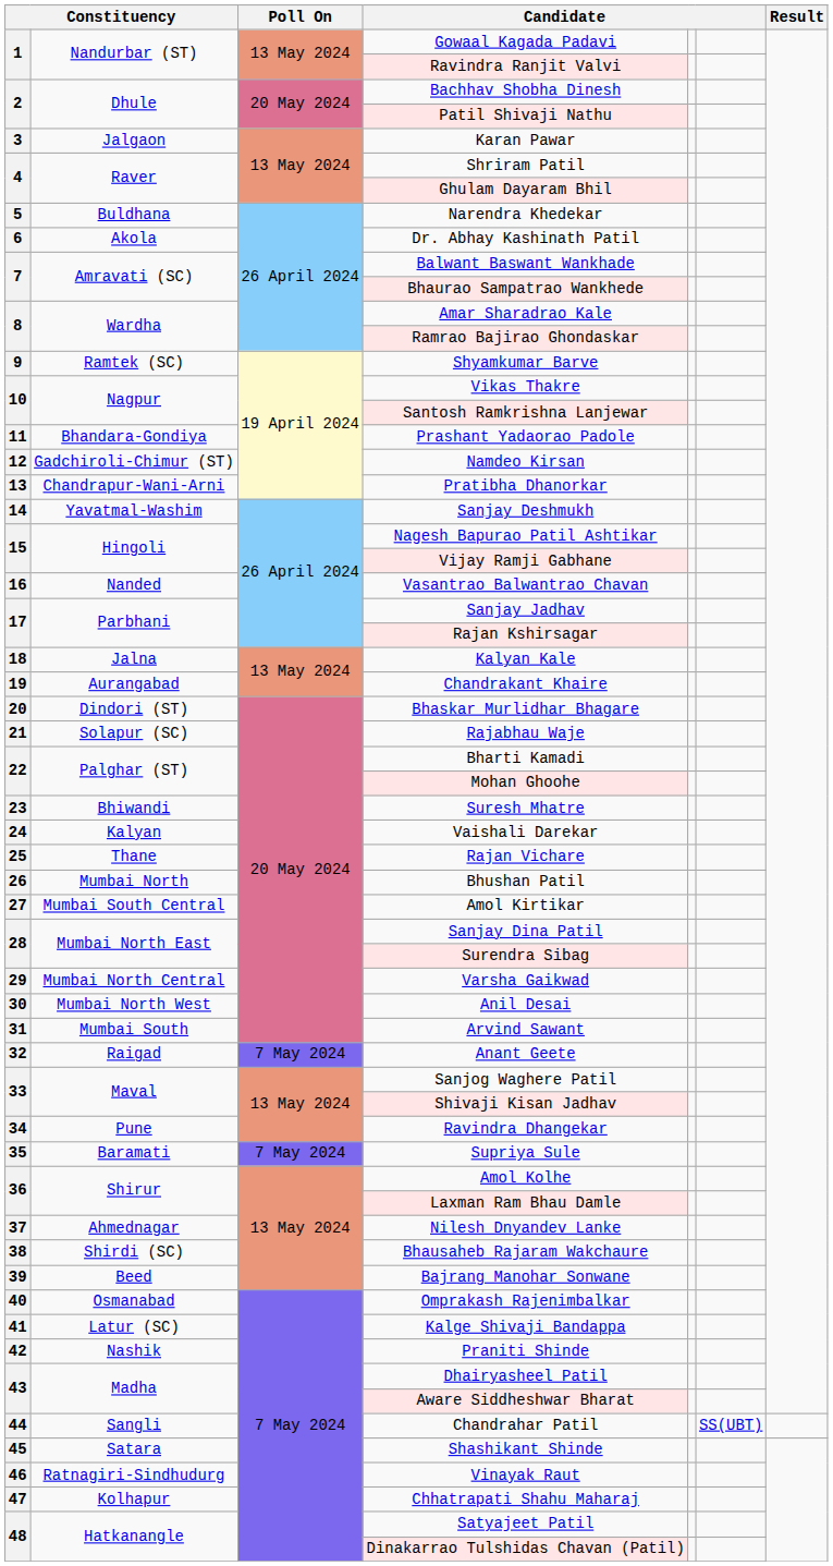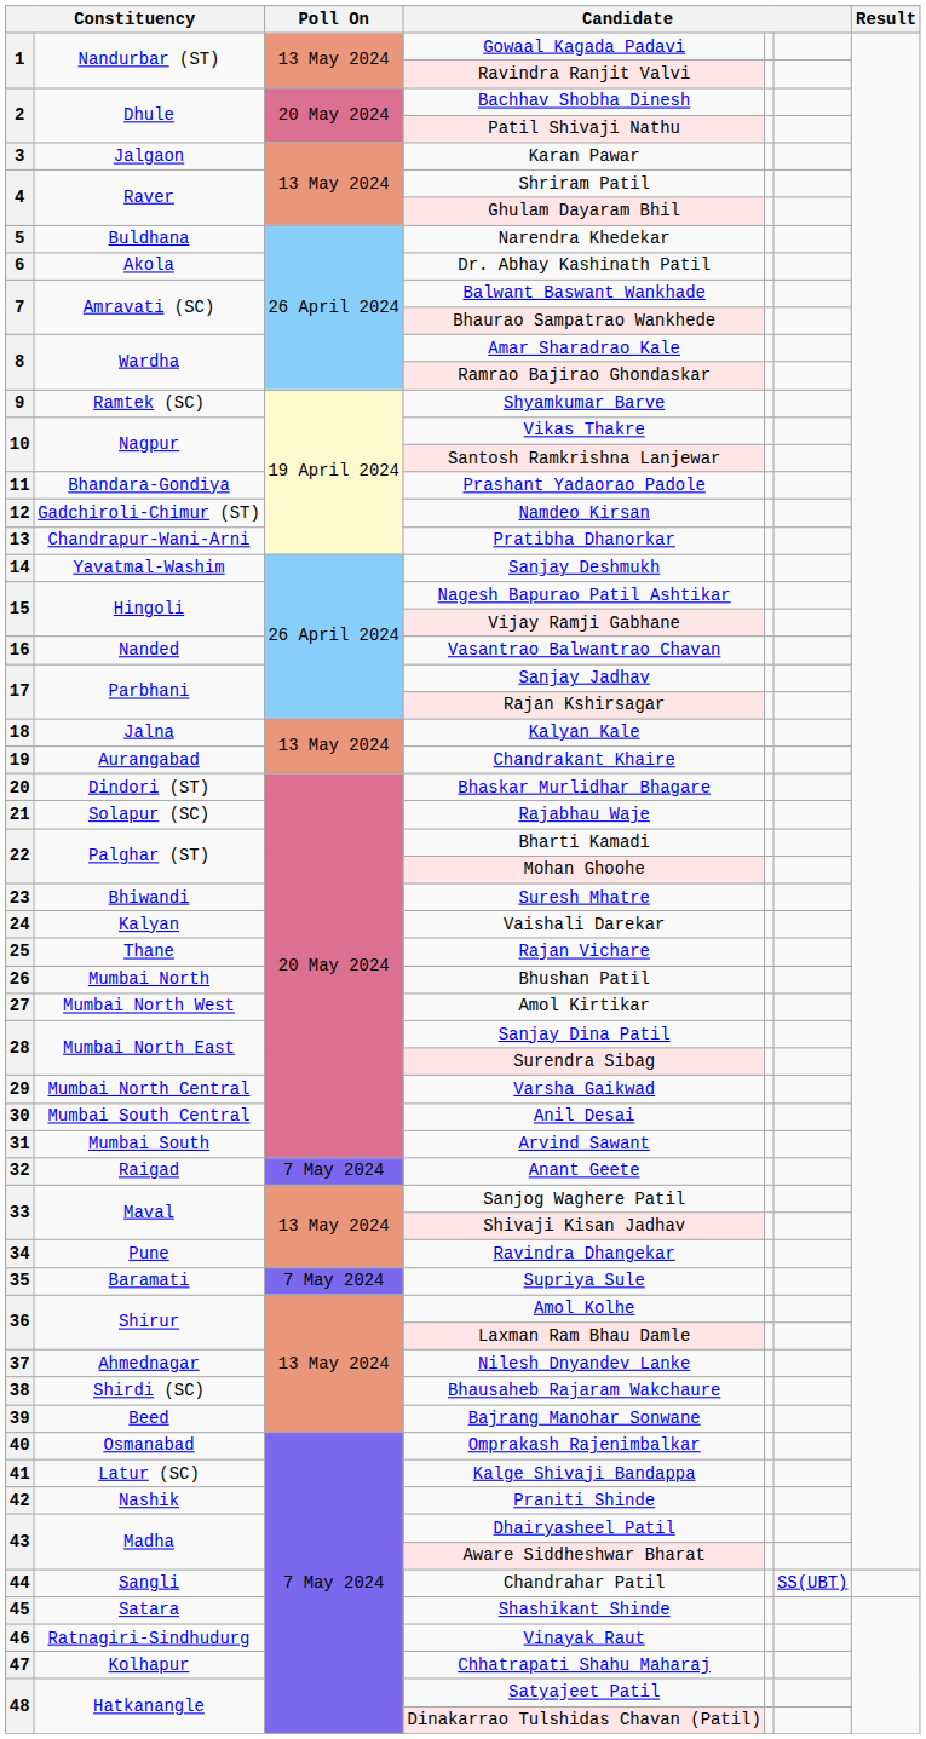 <table class="wikitable sortable" style="text-align:center;">
 <tr>
 <th colspan="2">Constituency</th>
 <th>Poll On</th>
 <th colspan="3">Candidate</th>
 <th>Result</th>
 </tr>
 <tr>
 <th rowspan="2">1</th>
 <td rowspan="2"><a href='#'>Nandurbar</a> (ST)</td>
 <td rowspan="2" bgcolor="#E9967A">13 May 2024</td>
 <td><a href='#'>Gowaal Kagada Padavi</a></td>
 <td></td>
 <td></td>
 </tr>
 <tr>
 <td style="background:#ffe5e5">Ravindra Ranjit Valvi</td>
 <td></td>
 <td></td>
 </tr>
 <tr>
 <th rowspan="2">2</th>
 <td rowspan="2"><a href='#'>Dhule</a></td>
 <td rowspan="2" bgcolor="#DB7093">20 May 2024</td>
 <td><a href='#'>Bachhav Shobha Dinesh</a></td>
 <td></td>
 <td></td>
 </tr>
 <tr>
 <td style="background:#ffe5e5">Patil Shivaji Nathu</td>
 <td></td>
 <td></td>
 </tr>
 <tr>
 <th>3</th>
 <td><a href='#'>Jalgaon</a></td>
 <td rowspan="3" bgcolor="#E9967A">13 May 2024</td>
 <td>Karan Pawar</td>
 <td></td>
 <td></td>
 </tr>
 <tr>
 <th rowspan="2">4</th>
 <td rowspan="2"><a href='#'>Raver</a></td>
 <td>Shriram Patil</td>
 <td></td>
 <td></td>
 </tr>
 <tr>
 <td style="background:#ffe5e5">Ghulam Dayaram Bhil</td>
 <td></td>
 <td></td>
 </tr>
 <tr>
 <th>5</th>
 <td><a href='#'>Buldhana</a></td>
 <td rowspan="6" bgcolor=#87CEFA>26 April 2024</td>
 <td>Narendra Khedekar</td>
 <td></td>
 <td></td>
 </tr>
 <tr>
 <th>6</th>
 <td><a href='#'>Akola</a></td>
 <td>Dr. Abhay Kashinath Patil</td>
 <td></td>
 <td></td>
 </tr>
 <tr>
 <th rowspan="2">7</th>
 <td rowspan="2"><a href='#'>Amravati</a> (SC)</td>
 <td><a href='#'>Balwant Baswant Wankhade</a></td>
 <td></td>
 <td></td>
 </tr>
 <tr>
 <td style="background:#FFE6E6">Bhaurao Sampatrao Wankhede</td>
 <td></td>
 <td></td>
 </tr>
 <tr>
 <th rowspan="2">8</th>
 <td rowspan="2"><a href='#'>Wardha</a></td>
 <td><a href='#'>Amar Sharadrao Kale</a></td>
 <td></td>
 <td></td>
 </tr>
 <tr>
 <td style="background:#FFE6E6">Ramrao Bajirao Ghondaskar</td>
 <td></td>
 <td></td>
 </tr>
 <tr>
 <th>9</th>
 <td><a href='#'>Ramtek</a> (SC)</td>
 <td rowspan="6" bgcolor=#FFFACD>19 April 2024</td>
 <td><a href='#'>Shyamkumar Barve</a></td>
 <td></td>
 <td></td>
 </tr>
 <tr>
 <th rowspan="2">10</th>
 <td rowspan="2"><a href='#'>Nagpur</a></td>
 <td><a href='#'>Vikas Thakre</a></td>
 <td></td>
 <td></td>
 </tr>
 <tr>
 <td style="background:#FFE6E6">Santosh Ramkrishna Lanjewar</td>
 <td></td>
 <td></td>
 </tr>
 <tr>
 <th>11</th>
 <td><a href='#'>Bhandara-Gondiya</a></td>
 <td><a href='#'>Prashant Yadaorao Padole</a></td>
 <td></td>
 <td></td>
 </tr>
 <tr>
 <th>12</th>
 <td><a href='#'>Gadchiroli-Chimur</a> (ST)</td>
 <td><a href='#'>Namdeo Kirsan</a></td>
 <td></td>
 <td></td>
 </tr>
 <tr>
 <th>13</th>
 <td><a href='#'>Chandrapur-Wani-Arni</a></td>
 <td><a href='#'>Pratibha Dhanorkar</a></td>
 <td></td>
 <td></td>
 </tr>
 <tr>
 <th>14</th>
 <td><a href='#'>Yavatmal-Washim</a></td>
 <td rowspan="6" bgcolor="#87CEFA">26 April 2024</td>
 <td><a href='#'>Sanjay Deshmukh</a></td>
 <td></td>
 <td></td>
 </tr>
 <tr>
 <th rowspan="2">15</th>
 <td rowspan="2"><a href='#'>Hingoli</a></td>
 <td><a href='#'>Nagesh Bapurao Patil Ashtikar</a></td>
 <td></td>
 <td></td>
 </tr>
 <tr>
 <td style="background:#FFE6E6">Vijay Ramji Gabhane</td>
 <td></td>
 <td></td>
 </tr>
 <tr>
 <th>16</th>
 <td><a href='#'>Nanded</a></td>
 <td><a href='#'>Vasantrao Balwantrao Chavan</a></td>
 <td></td>
 <td></td>
 </tr>
 <tr>
 <th rowspan="2">17</th>
 <td rowspan="2"><a href='#'>Parbhani</a></td>
 <td><a href='#'>Sanjay Jadhav</a></td>
 <td></td>
 <td></td>
 </tr>
 <tr>
 <td style="background:#FFE6E6">Rajan Kshirsagar</td>
 <td></td>
 <td></td>
 </tr>
 <tr>
 <th>18</th>
 <td><a href='#'>Jalna</a></td>
 <td rowspan="2" bgcolor=#E9967A>13 May 2024</td>
 <td><a href='#'>Kalyan Kale</a></td>
 <td></td>
 <td></td>
 </tr>
 <tr>
 <th>19</th>
 <td><a href='#'>Aurangabad</a></td>
 <td><a href='#'>Chandrakant Khaire</a></td>
 <td></td>
 <td></td>
 </tr>
 <tr>
 <th>20</th>
 <td><a href='#'>Dindori</a> (ST)</td>
 <td rowspan="14" bgcolor="#DB7093">20 May 2024</td>
 <td><a href='#'>Bhaskar Murlidhar Bhagare</a></td>
 <td></td>
 <td></td>
 </tr>
 <tr>
 <th>21</th>
 <td><a href='#'>Solapur</a> (SC)</td>
 <td><a href='#'>Rajabhau Waje</a></td>
 <td></td>
 <td></td>
 </tr>
 <tr>
 <th rowspan="2">22</th>
 <td rowspan="2"><a href='#'>Palghar</a> (ST)</td>
 <td>Bharti Kamadi</td>
 <td></td>
 <td></td>
 </tr>
 <tr>
 <td style="background:#ffe5e5">Mohan Ghoohe</td>
 <td></td>
 <td></td>
 </tr>
 <tr>
 <th>23</th>
 <td><a href='#'>Bhiwandi</a></td>
 <td><a href='#'>Suresh Mhatre</a></td>
 <td></td>
 <td></td>
 </tr>
 <tr>
 <th>24</th>
 <td><a href='#'>Kalyan</a></td>
 <td>Vaishali Darekar</td>
 <td></td>
 <td></td>
 </tr>
 <tr>
 <th>25</th>
 <td><a href='#'>Thane</a></td>
 <td><a href='#'>Rajan Vichare</a></td>
 <td></td>
 <td></td>
 </tr>
 <tr>
 <th>26</th>
 <td><a href='#'>Mumbai North</a></td>
 <td>Bhushan Patil</td>
 <td></td>
 <td></td>
 </tr>
 <tr>
 <th>27</th>
-<td><a href='#'>Mumbai South Central</a></td>
+<td><a href='#'>Mumbai North West</a></td>
 <td>Amol Kirtikar</td>
 <td></td>
 <td></td>
 </tr>
 <tr>
 <th rowspan="2">28</th>
 <td rowspan="2"><a href='#'>Mumbai North East</a></td>
 <td><a href='#'>Sanjay Dina Patil</a></td>
 <td></td>
 <td></td>
 </tr>
 <tr>
 <td style="background:#ffe5e5">Surendra Sibag</td>
 <td></td>
 <td></td>
 </tr>
 <tr>
 <th>29</th>
 <td><a href='#'>Mumbai North Central</a></td>
 <td><a href='#'>Varsha Gaikwad</a></td>
 <td></td>
 <td></td>
 </tr>
 <tr>
 <th>30</th>
-<td><a href='#'>Mumbai North West</a></td>
+<td><a href='#'>Mumbai South Central</a></td>
 <td><a href='#'>Anil Desai</a></td>
 <td></td>
 <td></td>
 </tr>
 <tr>
 <th>31</th>
 <td><a href='#'>Mumbai South</a></td>
 <td><a href='#'>Arvind Sawant</a></td>
 <td></td>
 <td></td>
 </tr>
 <tr>
 <th>32</th>
 <td><a href='#'>Raigad</a></td>
 <td bgcolor=#7B68EE>7 May 2024</td>
 <td><a href='#'>Anant Geete</a></td>
 <td></td>
 <td></td>
 </tr>
 <tr>
 <th rowspan="2">33</th>
 <td rowspan="2"><a href='#'>Maval</a></td>
 <td rowspan="3" bgcolor="#E9967A">13 May 2024</td>
 <td>Sanjog Waghere Patil</td>
 <td></td>
 <td></td>
 </tr>
 <tr>
 <td style="background:#ffe5e5">Shivaji Kisan Jadhav</td>
 <td></td>
 <td></td>
 </tr>
 <tr>
 <th>34</th>
 <td><a href='#'>Pune</a></td>
 <td><a href='#'>Ravindra Dhangekar</a></td>
 <td></td>
 <td></td>
 </tr>
 <tr>
 <th>35</th>
 <td><a href='#'>Baramati</a></td>
 <td bgcolor=#7B68EE>7 May 2024</td>
 <td><a href='#'>Supriya Sule</a></td>
 <td></td>
 <td></td>
 </tr>
 <tr>
 <th rowspan="2">36</th>
 <td rowspan="2"><a href='#'>Shirur</a></td>
 <td rowspan="5" bgcolor="#E9967A">13 May 2024</td>
 <td><a href='#'>Amol Kolhe</a></td>
 <td></td>
 <td></td>
 </tr>
 <tr>
 <td style="background:#ffe5e5">Laxman Ram Bhau Damle</td>
 <td></td>
 <td></td>
 </tr>
 <tr>
 <th>37</th>
 <td><a href='#'>Ahmednagar</a></td>
 <td><a href='#'>Nilesh Dnyandev Lanke</a></td>
 <td></td>
 <td></td>
 </tr>
 <tr>
 <th>38</th>
 <td><a href='#'>Shirdi</a> (SC)</td>
 <td><a href='#'>Bhausaheb Rajaram Wakchaure</a></td>
 <td></td>
 <td></td>
 </tr>
 <tr>
 <th>39</th>
 <td><a href='#'>Beed</a></td>
 <td><a href='#'>Bajrang Manohar Sonwane</a></td>
 <td></td>
 <td></td>
 </tr>
 <tr>
 <th>40</th>
 <td><a href='#'>Osmanabad</a></td>
 <td rowspan="11" bgcolor="#7B68EE">7 May 2024</td>
 <td><a href='#'>Omprakash Rajenimbalkar</a></td>
 <td></td>
 <td></td>
 </tr>
 <tr>
 <th>41</th>
 <td><a href='#'>Latur</a> (SC)</td>
 <td><a href='#'>Kalge Shivaji Bandappa</a></td>
 <td></td>
 <td></td>
 </tr>
 <tr>
 <th>42</th>
 <td><a href='#'>Nashik</a></td>
 <td><a href='#'>Praniti Shinde</a></td>
 <td></td>
 <td></td>
 </tr>
 <tr>
 <th rowspan="2">43</th>
 <td rowspan="2"><a href='#'>Madha</a></td>
 <td><a href='#'>Dhairyasheel Patil</a></td>
 <td></td>
 <td></td>
 </tr>
 <tr>
 <td style="background:#ffe5e5">Aware Siddheshwar Bharat</td>
 <td></td>
 <td></td>
 </tr>
 <tr>
 <th>44</th>
 <td><a href='#'>Sangli</a></td>
 <td>Chandrahar Patil</td>
 <td></td>
 <td><a href='#'>SS(UBT)</a></td>
 <td></td>
 </tr>
 <tr>
 <th>45</th>
 <td><a href='#'>Satara</a></td>
 <td><a href='#'>Shashikant Shinde</a></td>
 <td></td>
 <td></td>
 </tr>
 <tr>
 <th>46</th>
 <td><a href='#'>Ratnagiri-Sindhudurg</a></td>
 <td><a href='#'>Vinayak Raut</a></td>
 <td></td>
 <td></td>
 </tr>
 <tr>
 <th>47</th>
 <td><a href='#'>Kolhapur</a></td>
 <td><a href='#'>Chhatrapati Shahu Maharaj</a></td>
 <td></td>
 <td></td>
 </tr>
 <tr>
 <th rowspan="2">48</th>
 <td rowspan="2"><a href='#'>Hatkanangle</a></td>
 <td><a href='#'>Satyajeet Patil</a></td>
 <td></td>
 <td></td>
 </tr>
 <tr>
 <td style="background:#ffe5e5">Dinakarrao Tulshidas Chavan (Patil)</td>
 <td></td>
 <td></td>
 </tr>
 <tr>
 </tr>
 </table>
